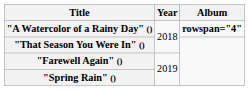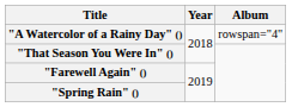 <table class="wikitable plainrowheaders" style="text-align:center;">
 <tr>
 <th scope="col">Title</th>
 <th scope="col">Year</th>
 <th scope="col">Album</th>
 </tr>
 <tr>
 <th scope="row">"A Watercolor of a Rainy Day" <small>()</small></th>
 <td rowspan="2">2018</td>
-<td><strong>rowspan="4" </strong></td>
+<td>rowspan="4" </td>
 </tr>
 <tr>
 <th scope="row">"That Season You Were In" <small>()</small></th>
 </tr>
 <tr>
 <th scope="row">"Farewell Again" <small>()</small></th>
 <td rowspan="2">2019</td>
 </tr>
 <tr>
 <th scope="row">"Spring Rain" <small>()</small></th>
 </tr>
 </table>
